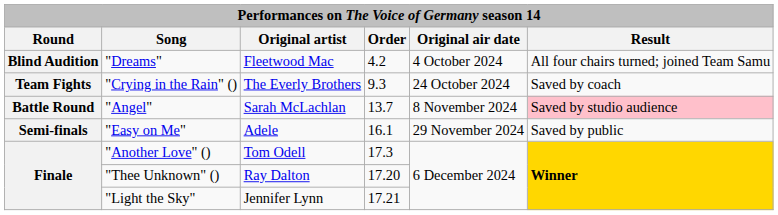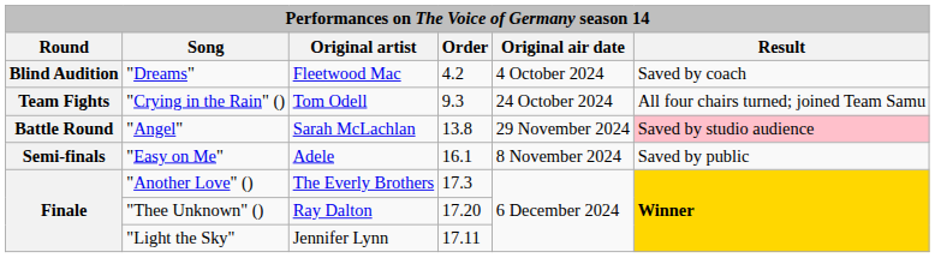 <table class="wikitable collapsible autocollapse; text-align:center;">
 <tr>
 <th colspan="7" style="background:#BFBFBF;">Performances on <em>The Voice of Germany</em> season 14</th>
 </tr>
 <tr>
 <th>Round</th>
 <th>Song</th>
 <th>Original artist</th>
 <th>Order</th>
 <th>Original air date</th>
 <th>Result</th>
 </tr>
 <tr>
 <th scope="row">Blind Audition</th>
 <td>"<a href='#'>Dreams</a>"</td>
 <td><a href='#'>Fleetwood Mac</a></td>
 <td>4.2</td>
 <td>4 October 2024</td>
-<td>All four chairs turned; joined Team Samu</td>
+<td>Saved by coach</td>
 </tr>
 <tr>
 <th scope="row">Team Fights</th>
 <td>"<a href='#'>Crying in the Rain</a>" ()</td>
-<td><a href='#'>The Everly Brothers</a></td>
+<td><a href='#'>Tom Odell</a></td>
 <td>9.3</td>
 <td>24 October 2024</td>
-<td>Saved by coach</td>
+<td>All four chairs turned; joined Team Samu</td>
 </tr>
 <tr>
 <th scope="row">Battle Round</th>
 <td>"<a href='#'>Angel</a>"</td>
 <td><a href='#'>Sarah McLachlan</a></td>
-<td>13.7</td>
-<td>8 November 2024</td>
+<td>13.8</td>
+<td>29 November 2024</td>
 <td style="background: pink;">Saved by studio audience</td>
 </tr>
 <tr>
 <th scope="row">Semi-finals</th>
 <td>"<a href='#'>Easy on Me</a>"</td>
 <td><a href='#'>Adele</a></td>
 <td>16.1</td>
-<td>29 November 2024</td>
+<td>8 November 2024</td>
 <td>Saved by public</td>
 </tr>
 <tr>
 <th scope="row" rowspan="3">Finale</th>
 <td>"<a href='#'>Another Love</a>" ()</td>
-<td><a href='#'>Tom Odell</a></td>
+<td><a href='#'>The Everly Brothers</a></td>
 <td>17.3</td>
 <td rowspan="3">6 December 2024</td>
 <td rowspan="3" style="background:gold"><strong>Winner</strong></td>
 </tr>
 <tr>
 <td>"Thee Unknown" ()</td>
 <td><a href='#'>Ray Dalton</a></td>
 <td>17.20</td>
 </tr>
 <tr>
 <td>"Light the Sky"</td>
 <td>Jennifer Lynn</td>
-<td>17.21<br>      </td>
+<td>17.11<br>      </td>
 </tr>
 </table>
